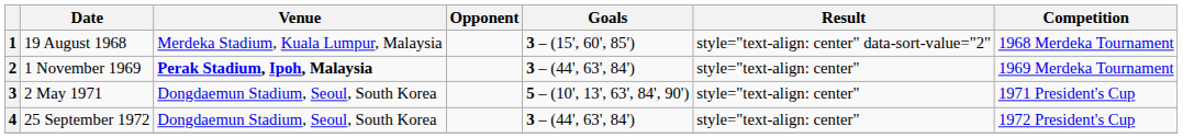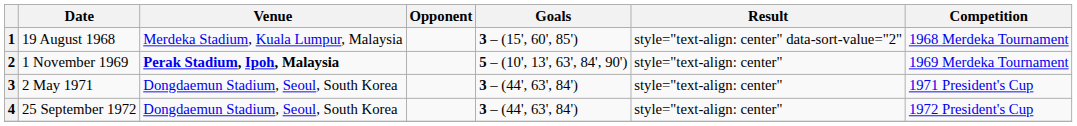 <table class="wikitable sortable">
 <tr>
 <th scope="col"></th>
 <th scope="col">Date</th>
 <th scope="col">Venue</th>
 <th scope="col">Opponent</th>
 <th scope="col">Goals</th>
 <th scope="col">Result</th>
 <th scope="col">Competition</th>
 </tr>
 <tr>
 <th scope="row">1</th>
 <td>19 August 1968</td>
 <td><a href='#'>Merdeka Stadium</a>, <a href='#'>Kuala Lumpur</a>, Malaysia</td>
 <td></td>
 <td><strong>3</strong> – (15', 60', 85')</td>
 <td>style="text-align: center" data-sort-value="2" </td>
 <td><a href='#'>1968 Merdeka Tournament</a></td>
 </tr>
 <tr>
 <th scope="row">2</th>
 <td>1 November 1969</td>
 <td><strong><a href='#'>Perak Stadium</a>, <a href='#'>Ipoh</a>, Malaysia</strong></td>
 <td></td>
-<td><strong>3</strong> – (44', 63', 84')</td>
+<td><strong>5</strong> – (10', 13', 63', 84', 90')</td>
 <td>style="text-align: center" </td>
 <td><a href='#'>1969 Merdeka Tournament</a></td>
 </tr>
 <tr>
 <th scope="row">3</th>
 <td>2 May 1971</td>
 <td><a href='#'>Dongdaemun Stadium</a>, <a href='#'>Seoul</a>, South Korea</td>
 <td></td>
-<td><strong>5</strong> – (10', 13', 63', 84', 90')</td>
+<td><strong>3</strong> – (44', 63', 84')</td>
 <td>style="text-align: center" </td>
 <td><a href='#'>1971 President's Cup</a></td>
 </tr>
 <tr>
 <th scope="row">4</th>
 <td>25 September 1972</td>
 <td><a href='#'>Dongdaemun Stadium</a>, <a href='#'>Seoul</a>, South Korea</td>
 <td></td>
 <td><strong>3</strong> – (44', 63', 84')</td>
 <td>style="text-align: center" </td>
 <td><a href='#'>1972 President's Cup</a></td>
 </tr>
 <tr>
 </tr>
 </table>
